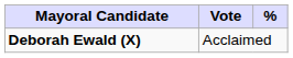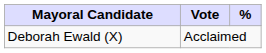 <table class="wikitable">
 <tr>
 <th style="background:#ddf; width:200px;">Mayoral Candidate</th>
 <th style="background:#ddf; width:50px;">Vote</th>
 <th style="background:#ddf; width:30px;">%</th>
 </tr>
 <tr>
-<td><strong>Deborah Ewald (X)</strong></td>
+<td>Deborah Ewald (X)</td>
 <td colspan="2">Acclaimed</td>
 </tr>
 </table>
